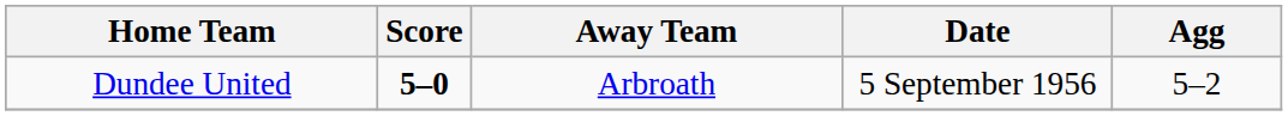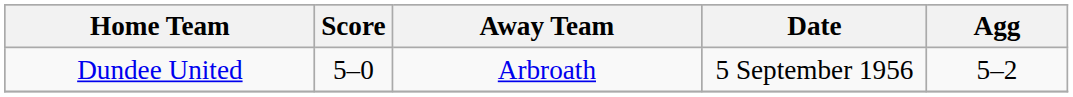 <table class="wikitable" style="text-align:center;">
 <tr>
 <th width=175>Home Team</th>
 <th width=20>Score</th>
 <th width=175>Away Team</th>
 <th width= 125>Date</th>
 <th width= 75>Agg</th>
 </tr>
 <tr>
 <td><a href='#'>Dundee United</a></td>
-<td><strong>5–0</strong></td>
+<td>5–0</td>
 <td><a href='#'>Arbroath</a></td>
 <td>5 September 1956</td>
 <td>5–2</td>
 </tr>
 <tr>
 </tr>
 </table>
